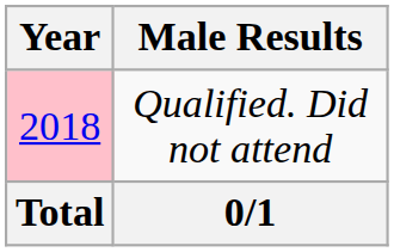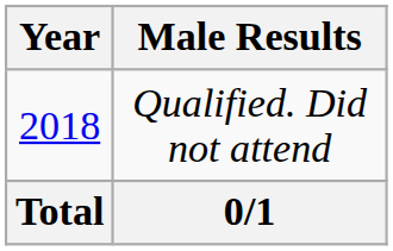 <table class="wikitable" style="text-align: center;">
 <tr>
 <th>Year</th>
 <th width="100">Male Results</th>
 </tr>
 <tr>
-<td style="background: pink;"> <a href='#'>2018</a></td>
+<td> <a href='#'>2018</a></td>
 <td><em>Qualified. Did not attend</em></td>
 </tr>
 <tr>
 <th>Total</th>
 <th>0/1</th>
 </tr>
 </table>
